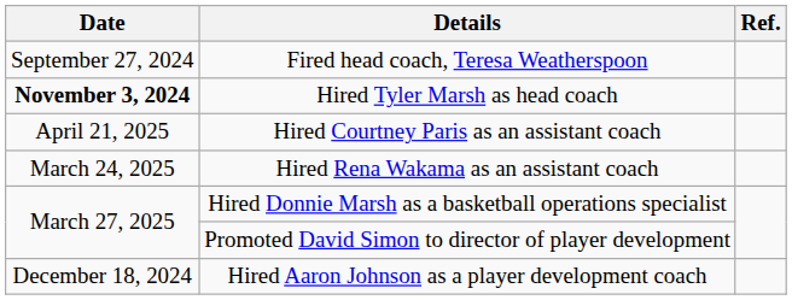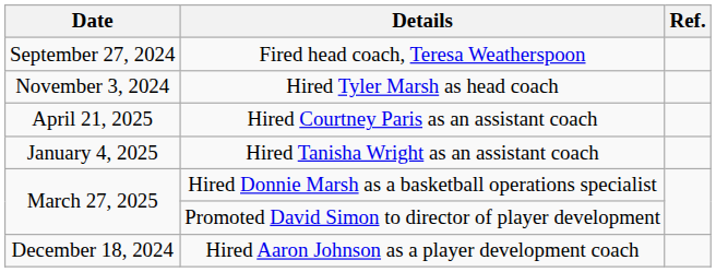 <table class="wikitable sortable sortable" style="text-align: center">
 <tr>
 <th>Date</th>
 <th>Details</th>
 <th>Ref.</th>
 </tr>
 <tr>
 <td>September 27, 2024</td>
 <td>Fired head coach, <a href='#'>Teresa Weatherspoon</a></td>
 <td></td>
 </tr>
 <tr>
-<td><strong>November 3, 2024</strong></td>
+<td>November 3, 2024</td>
 <td>Hired <a href='#'>Tyler Marsh</a> as head coach</td>
 <td></td>
 </tr>
 <tr>
 <td>April 21, 2025</td>
 <td>Hired <a href='#'>Courtney Paris</a> as an assistant coach</td>
 <td></td>
 </tr>
 <tr>
-<td>March 24, 2025</td>
-<td>Hired <a href='#'>Rena Wakama</a> as an assistant coach</td>
+<td>January 4, 2025</td>
+<td>Hired <a href='#'>Tanisha Wright</a> as an assistant coach</td>
 <td></td>
 </tr>
 <tr>
 <td rowspan=2>March 27, 2025</td>
 <td>Hired <a href='#'>Donnie Marsh</a> as a basketball operations specialist</td>
 <td rowspan=2></td>
 </tr>
 <tr>
 <td>Promoted <a href='#'>David Simon</a> to director of player development</td>
 </tr>
 <tr>
 <td>December 18, 2024</td>
 <td>Hired <a href='#'>Aaron Johnson</a> as a player development coach</td>
 <td></td>
 </tr>
 </table>
